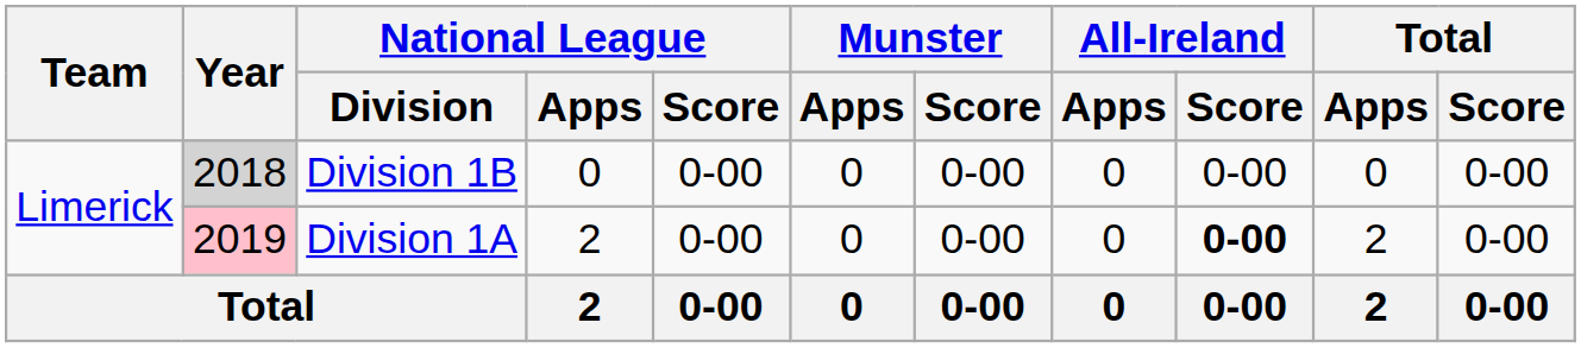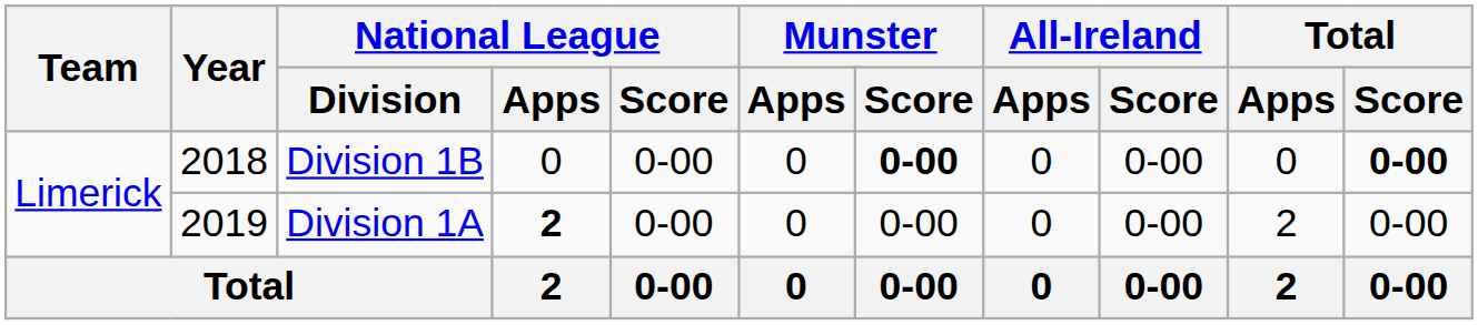 <table class="wikitable" style="text-align:center">
 <tr>
 <th rowspan="2">Team</th>
 <th rowspan="2">Year</th>
 <th colspan="3"><a href='#'>National League</a></th>
 <th colspan="2"><a href='#'>Munster</a></th>
 <th colspan="2"><a href='#'>All-Ireland</a></th>
 <th colspan="2">Total</th>
 </tr>
 <tr>
 <th>Division</th>
 <th>Apps</th>
 <th>Score</th>
 <th>Apps</th>
 <th>Score</th>
 <th>Apps</th>
 <th>Score</th>
 <th>Apps</th>
 <th>Score</th>
 </tr>
 <tr>
 <td rowspan="2"><a href='#'>Limerick</a></td>
-<td style="background: lightgrey;">2018</td>
+<td>2018</td>
 <td rowspan="1"><a href='#'>Division 1B</a></td>
 <td>0</td>
+<td>0-00</td>
+<td>0</td>
+<td><strong>0-00</strong></td>
+<td>0</td>
+<td>0-00</td>
+<td>0</td>
+<td><strong>0-00</strong></td>
+</tr>
+<tr>
+<td>2019</td>
+<td rowspan="1"><a href='#'>Division 1A</a></td>
+<td><strong>2</strong></td>
 <td>0-00</td>
 <td>0</td>
 <td>0-00</td>
 <td>0</td>
 <td>0-00</td>
-<td>0</td>
-<td>0-00</td>
-</tr>
-<tr>
-<td style="background: pink;">2019</td>
-<td rowspan="1"><a href='#'>Division 1A</a></td>
-<td>2</td>
-<td>0-00</td>
-<td>0</td>
-<td>0-00</td>
-<td>0</td>
-<td><strong>0-00</strong></td>
 <td>2</td>
 <td>0-00</td>
 </tr>
 <tr>
 <th colspan="3">Total</th>
 <th>2</th>
 <th>0-00</th>
 <th>0</th>
 <th>0-00</th>
 <th>0</th>
 <th>0-00</th>
 <th>2</th>
 <th>0-00</th>
 </tr>
 </table>
